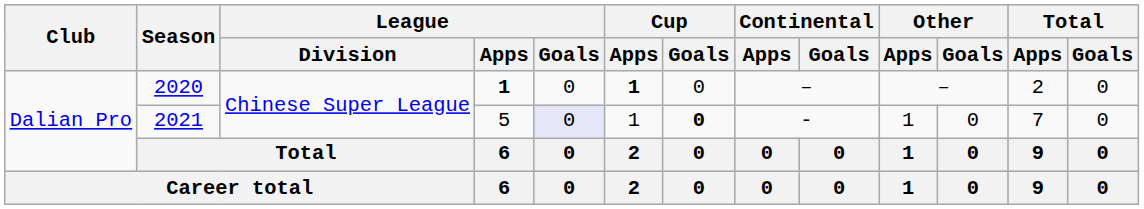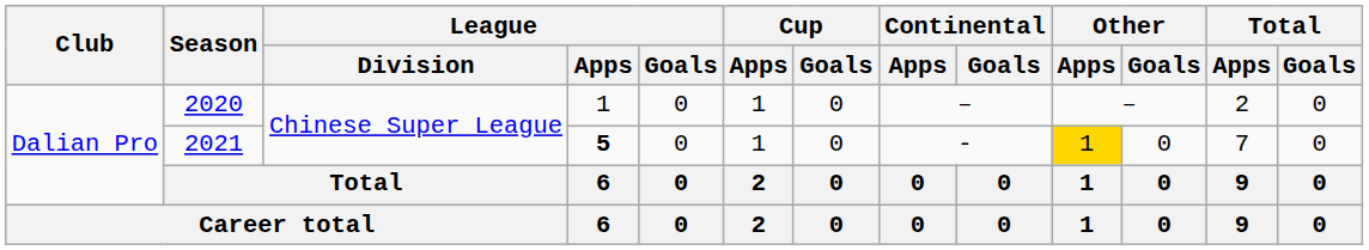 <table class="wikitable" style="text-align: center">
 <tr>
 <th rowspan="2">Club</th>
 <th rowspan="2">Season</th>
 <th colspan="3">League</th>
 <th colspan="2">Cup</th>
 <th colspan="2">Continental</th>
 <th colspan="2">Other</th>
 <th colspan="2">Total</th>
 </tr>
 <tr>
 <th>Division</th>
 <th>Apps</th>
 <th>Goals</th>
 <th>Apps</th>
 <th>Goals</th>
 <th>Apps</th>
 <th>Goals</th>
 <th>Apps</th>
 <th>Goals</th>
 <th>Apps</th>
 <th>Goals</th>
 </tr>
 <tr>
 <td rowspan=3><a href='#'>Dalian Pro</a></td>
 <td><a href='#'>2020</a></td>
 <td rowspan=2><a href='#'>Chinese Super League</a></td>
-<td><strong>1</strong></td>
+<td>1</td>
 <td>0</td>
-<td><strong>1</strong></td>
+<td>1</td>
 <td>0</td>
 <td colspan="2">–</td>
 <td colspan="2">–</td>
 <td>2</td>
 <td>0</td>
 </tr>
 <tr>
 <td><a href='#'>2021</a></td>
-<td>5</td>
-<td style="background: lavender;">0</td>
+<td><strong>5</strong></td>
+<td>0</td>
 <td>1</td>
-<td><strong>0</strong></td>
+<td>0</td>
 <td colspan="2">-</td>
-<td>1</td>
+<td style="background: gold;">1</td>
 <td>0</td>
 <td>7</td>
 <td>0</td>
 </tr>
 <tr>
 <th colspan="2">Total</th>
 <th>6</th>
 <th>0</th>
 <th>2</th>
 <th>0</th>
 <th>0</th>
 <th>0</th>
 <th>1</th>
 <th>0</th>
 <th>9</th>
 <th>0</th>
 </tr>
 <tr>
 <th colspan=3>Career total</th>
 <th>6</th>
 <th>0</th>
 <th>2</th>
 <th>0</th>
 <th>0</th>
 <th>0</th>
 <th>1</th>
 <th>0</th>
 <th>9</th>
 <th>0</th>
 </tr>
 </table>
